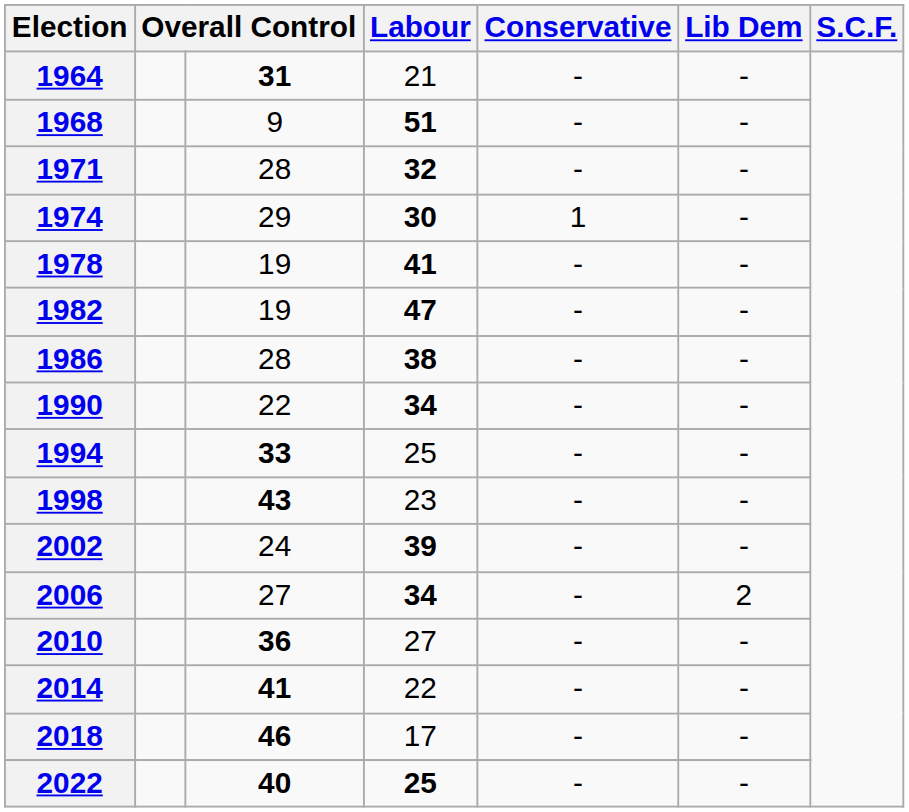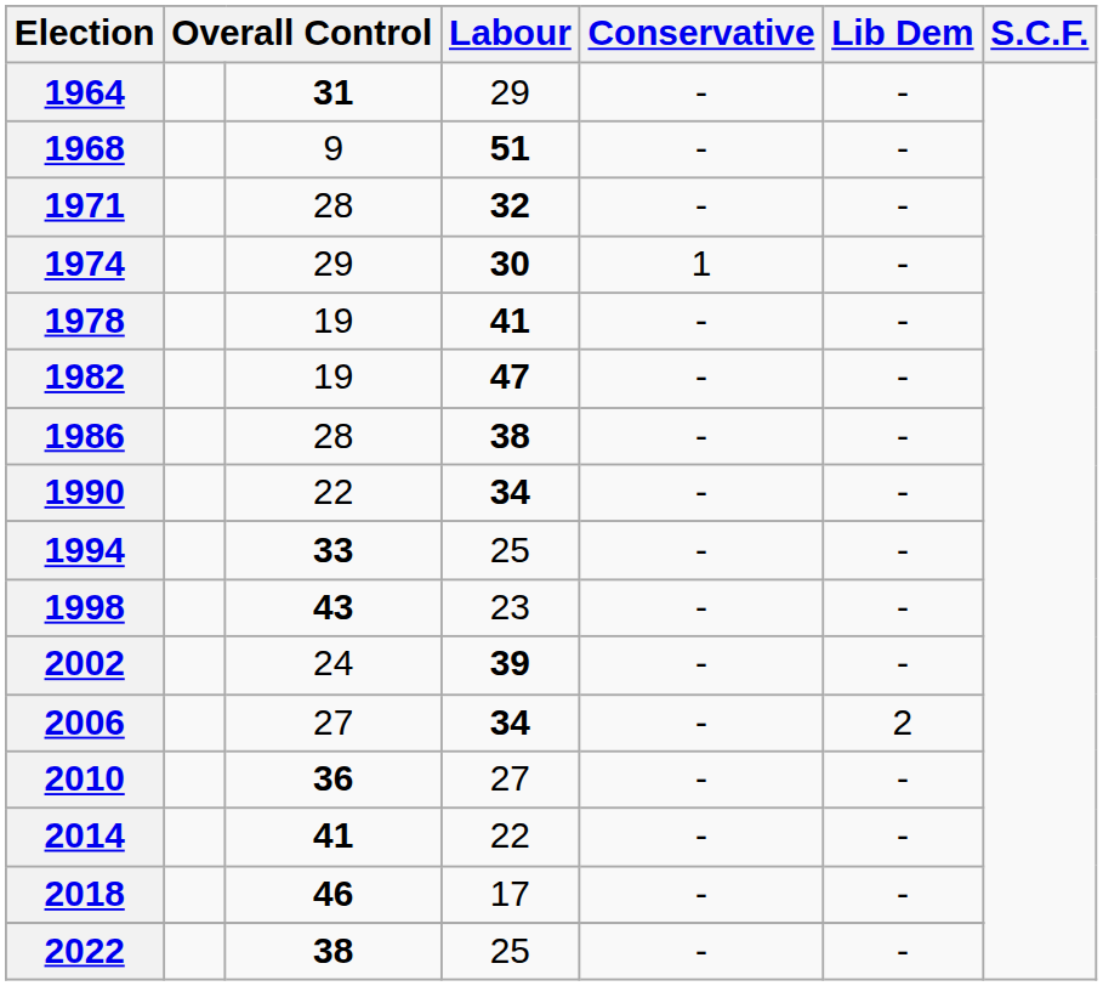 <table class="wikitable">
 <tr>
 <th>Election</th>
 <th colspan=2>Overall Control</th>
 <th><a href='#'>Labour</a></th>
 <th><a href='#'>Conservative</a></th>
 <th><a href='#'>Lib Dem</a></th>
 <th><a href='#'>S.C.F.</a></th>
 </tr>
 <tr>
 <th><a href='#'>1964</a></th>
 <td></td>
 <td style="text-align: center;"><strong>31</strong></td>
-<td style="text-align: center;">21</td>
+<td style="text-align: center;">29</td>
 <td style="text-align: center;">-</td>
 <td style="text-align: center;">-</td>
 </tr>
 <tr>
 <th><a href='#'>1968</a></th>
 <td></td>
 <td style="text-align: center;">9</td>
 <td style="text-align: center;"><strong>51</strong></td>
 <td style="text-align: center;">-</td>
 <td style="text-align: center;">-</td>
 </tr>
 <tr>
 <th><a href='#'>1971</a></th>
 <td></td>
 <td style="text-align: center;">28</td>
 <td style="text-align: center;"><strong>32</strong></td>
 <td style="text-align: center;">-</td>
 <td style="text-align: center;">-</td>
 </tr>
 <tr>
 <th><a href='#'>1974</a></th>
 <td></td>
 <td style="text-align: center;">29</td>
 <td style="text-align: center;"><strong>30</strong></td>
 <td style="text-align: center;">1</td>
 <td style="text-align: center;">-</td>
 </tr>
 <tr>
 <th><a href='#'>1978</a></th>
 <td></td>
 <td style="text-align: center;">19</td>
 <td style="text-align: center;"><strong>41</strong></td>
 <td style="text-align: center;">-</td>
 <td style="text-align: center;">-</td>
 </tr>
 <tr>
 <th><a href='#'>1982</a></th>
 <td></td>
 <td style="text-align: center;">19</td>
 <td style="text-align: center;"><strong>47</strong></td>
 <td style="text-align: center;">-</td>
 <td style="text-align: center;">-</td>
 </tr>
 <tr>
 <th><a href='#'>1986</a></th>
 <td></td>
 <td style="text-align: center;">28</td>
 <td style="text-align: center;"><strong>38</strong></td>
 <td style="text-align: center;">-</td>
 <td style="text-align: center;">-</td>
 </tr>
 <tr>
 <th><a href='#'>1990</a></th>
 <td></td>
 <td style="text-align: center;">22</td>
 <td style="text-align: center;"><strong>34</strong></td>
 <td style="text-align: center;">-</td>
 <td style="text-align: center;">-</td>
 </tr>
 <tr>
 <th><a href='#'>1994</a></th>
 <td></td>
 <td style="text-align: center;"><strong>33</strong></td>
 <td style="text-align: center;">25</td>
 <td style="text-align: center;">-</td>
 <td style="text-align: center;">-</td>
 </tr>
 <tr>
 <th><a href='#'>1998</a></th>
 <td></td>
 <td style="text-align: center;"><strong>43</strong></td>
 <td style="text-align: center;">23</td>
 <td style="text-align: center;">-</td>
 <td style="text-align: center;">-</td>
 </tr>
 <tr>
 <th><a href='#'>2002</a></th>
 <td></td>
 <td style="text-align: center;">24</td>
 <td style="text-align: center;"><strong>39</strong></td>
 <td style="text-align: center;">-</td>
 <td style="text-align: center;">-</td>
 </tr>
 <tr>
 <th><a href='#'>2006</a></th>
 <td></td>
 <td style="text-align: center;">27</td>
 <td style="text-align: center;"><strong>34</strong></td>
 <td style="text-align: center;">-</td>
 <td style="text-align: center;">2</td>
 </tr>
 <tr>
 <th><a href='#'>2010</a></th>
 <td></td>
 <td style="text-align: center;"><strong>36</strong></td>
 <td style="text-align: center;">27</td>
 <td style="text-align: center;">-</td>
 <td style="text-align: center;">-</td>
 </tr>
 <tr>
 <th><a href='#'>2014</a></th>
 <td></td>
 <td style="text-align: center;"><strong>41</strong></td>
 <td style="text-align: center;">22</td>
 <td style="text-align: center;">-</td>
 <td style="text-align: center;">-</td>
 </tr>
 <tr>
 <th><a href='#'>2018</a></th>
 <td></td>
 <td style="text-align: center;"><strong>46</strong></td>
 <td style="text-align: center;">17</td>
 <td style="text-align: center;">-</td>
 <td style="text-align: center;">-</td>
 </tr>
 <tr>
 </tr>
 <tr>
 <th><a href='#'>2022</a></th>
 <td></td>
-<td style="text-align: center;"><strong>40</strong></td>
-<td style="text-align: center;"><strong>25</strong></td>
+<td style="text-align: center;"><strong>38</strong></td>
+<td style="text-align: center;">25</td>
 <td style="text-align: center;">-</td>
 <td style="text-align: center;">-</td>
 </tr>
 </table>
